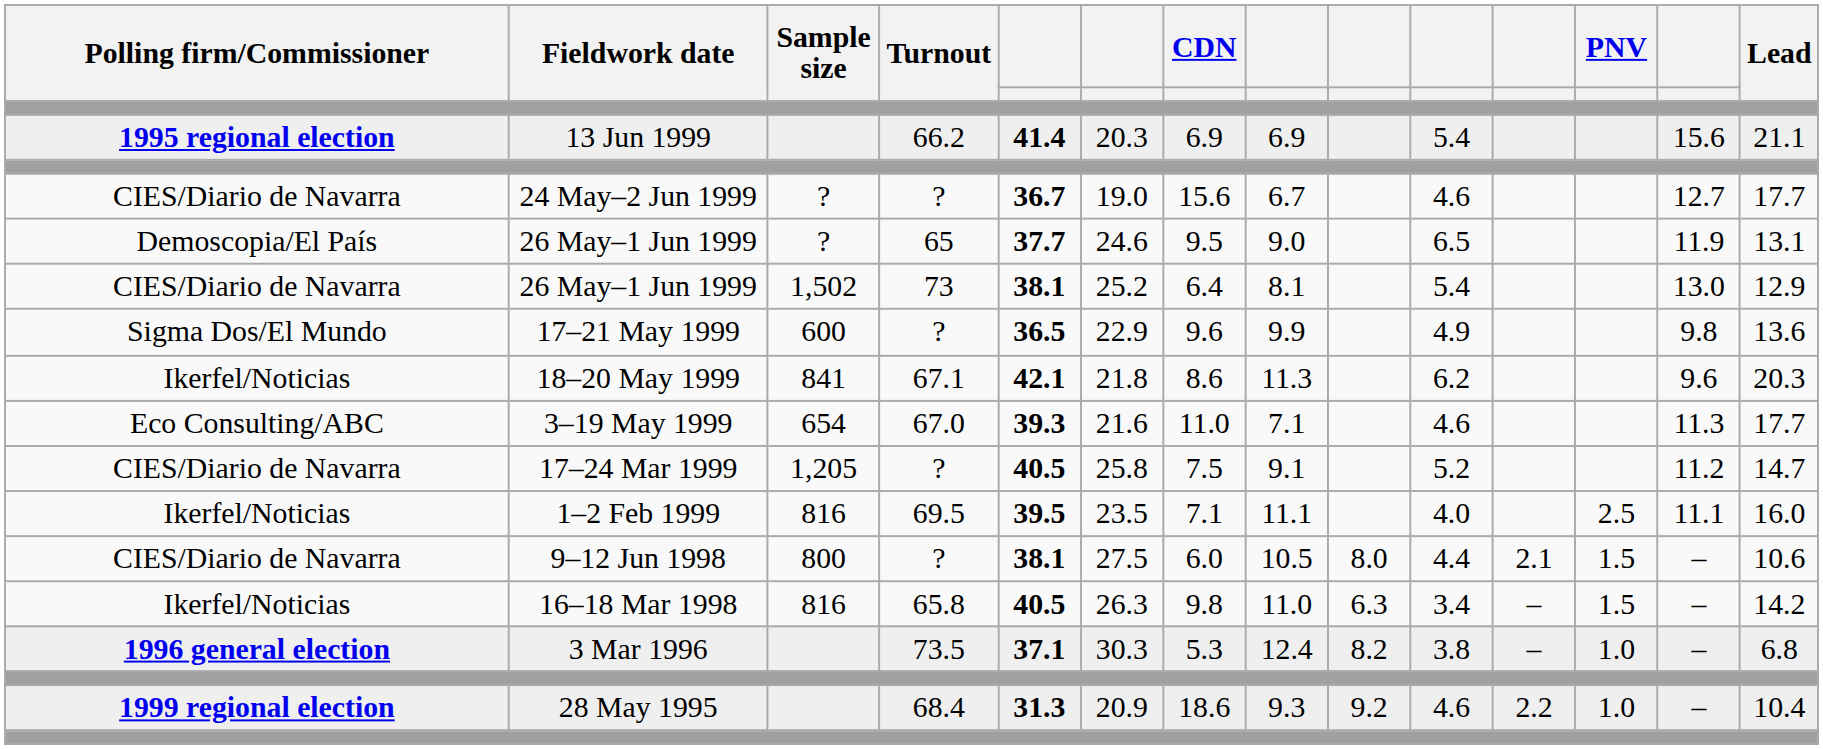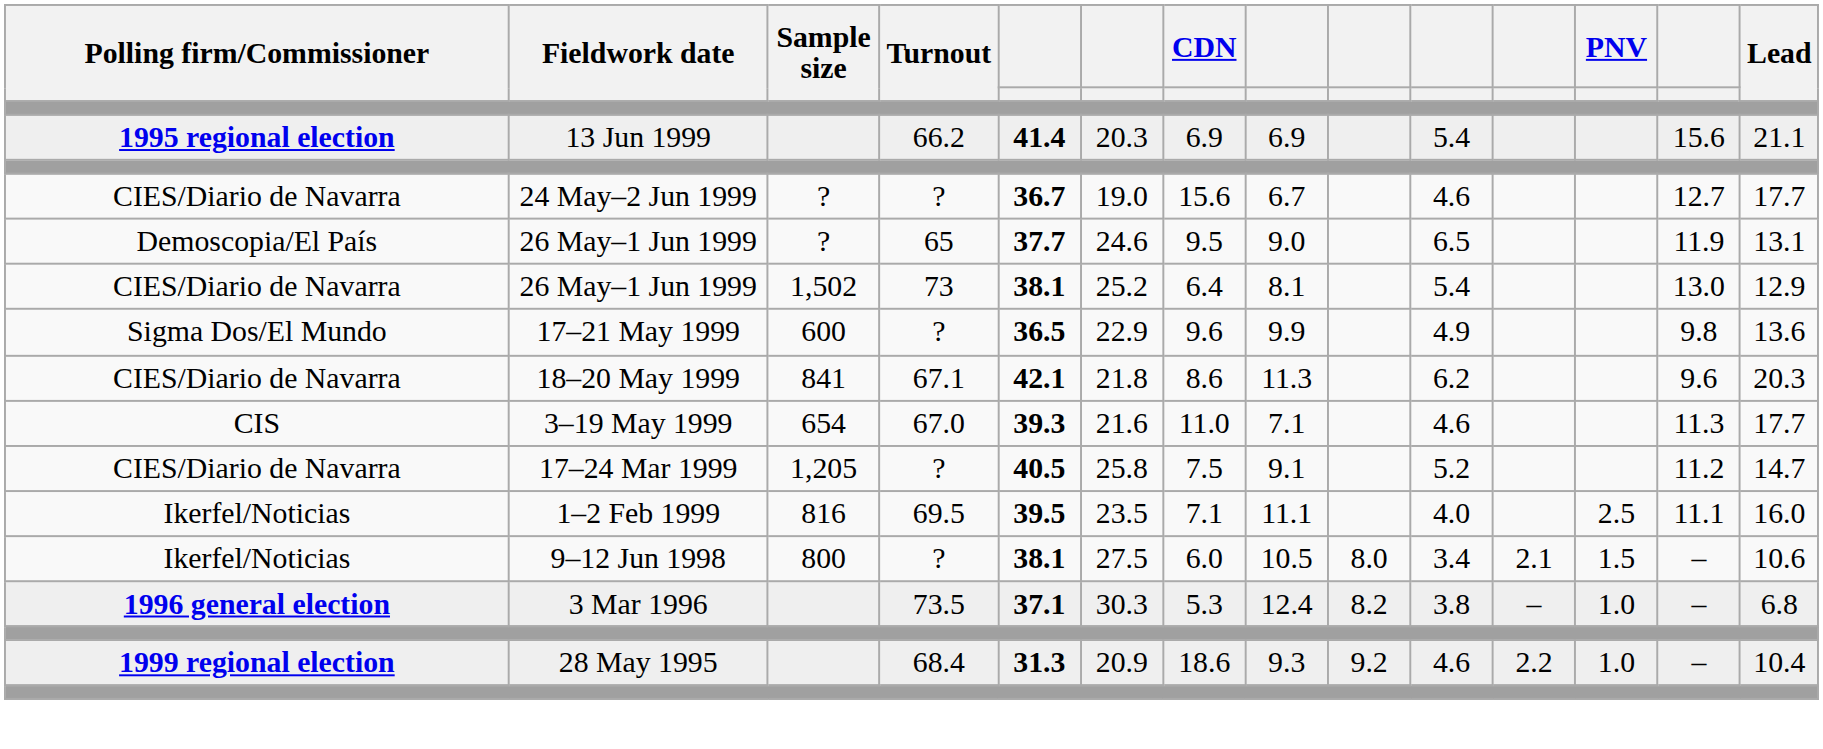 <table class="wikitable collapsible collapsed" style="text-align:center; font-size:95%; line-height:16px;">
 <tr style="height:42px;">
 <th style="width:250px;" rowspan="2">Polling firm/Commissioner</th>
 <th style="width:125px;" rowspan="2">Fieldwork date</th>
 <th style="width:50px;" rowspan="2">Sample size</th>
 <th style="width:45px;" rowspan="2">Turnout</th>
 <th style="width:35px;"></th>
 <th style="width:35px;"></th>
 <th style="width:35px;"><a href='#'>CDN</a></th>
 <th style="width:35px;"></th>
 <th style="width:35px;"></th>
 <th style="width:35px;"></th>
 <th style="width:35px;"></th>
 <th style="width:35px;"><a href='#'>PNV</a></th>
 <th style="width:35px;"></th>
 <th style="width:30px;" rowspan="2">Lead</th>
 </tr>
 <tr>
 <th style="color:inherit;background:"></th>
 <th style="color:inherit;background:"></th>
 <th style="color:inherit;background:"></th>
 <th style="color:inherit;background:"></th>
 <th style="color:inherit;background:"></th>
 <th style="color:inherit;background:"></th>
 <th style="color:inherit;background:"></th>
 <th style="color:inherit;background:"></th>
 <th style="color:inherit;background:"></th>
 </tr>
 <tr>
 <td colspan="14" style="background:#A0A0A0"></td>
 </tr>
 <tr style="background:#EFEFEF;">
 <td><strong><a href='#'>1995 regional election</a></strong></td>
 <td>13 Jun 1999</td>
 <td></td>
 <td>66.2</td>
 <td><strong>41.4</strong><br></td>
 <td>20.3<br></td>
 <td>6.9<br></td>
 <td>6.9<br></td>
 <td></td>
 <td>5.4<br></td>
 <td></td>
 <td></td>
 <td>15.6<br></td>
 <td style="background:">21.1</td>
 </tr>
 <tr>
 <td colspan="14" style="background:#A0A0A0"></td>
 </tr>
 <tr>
 <td>CIES/Diario de Navarra</td>
 <td>24 May–2 Jun 1999</td>
 <td>?</td>
 <td>?</td>
 <td><strong>36.7</strong><br></td>
 <td>19.0<br></td>
 <td>15.6<br></td>
 <td>6.7<br></td>
 <td></td>
 <td>4.6<br></td>
 <td></td>
 <td></td>
 <td>12.7<br></td>
 <td style="background:">17.7</td>
 </tr>
 <tr>
 <td>Demoscopia/El País</td>
 <td>26 May–1 Jun 1999</td>
 <td>?</td>
 <td>65</td>
 <td><strong>37.7</strong><br></td>
 <td>24.6<br></td>
 <td>9.5<br></td>
 <td>9.0<br></td>
 <td></td>
 <td>6.5<br></td>
 <td></td>
 <td></td>
 <td>11.9<br></td>
 <td style="background:">13.1</td>
 </tr>
 <tr>
 <td>CIES/Diario de Navarra</td>
 <td>26 May–1 Jun 1999</td>
 <td>1,502</td>
 <td>73</td>
 <td><strong>38.1</strong><br></td>
 <td>25.2<br></td>
 <td>6.4<br></td>
 <td>8.1<br></td>
 <td></td>
 <td>5.4<br></td>
 <td></td>
 <td></td>
 <td>13.0<br></td>
 <td style="background:">12.9</td>
 </tr>
 <tr>
 <td>Sigma Dos/El Mundo</td>
 <td>17–21 May 1999</td>
 <td>600</td>
 <td>?</td>
 <td><strong>36.5</strong><br></td>
 <td>22.9<br></td>
 <td>9.6<br></td>
 <td>9.9<br></td>
 <td></td>
 <td>4.9<br></td>
 <td></td>
 <td></td>
 <td>9.8<br></td>
 <td style="background:">13.6</td>
 </tr>
 <tr>
-<td>Ikerfel/Noticias</td>
+<td>CIES/Diario de Navarra</td>
 <td>18–20 May 1999</td>
 <td>841</td>
 <td>67.1</td>
 <td><strong>42.1</strong><br></td>
 <td>21.8<br></td>
 <td>8.6<br></td>
 <td>11.3<br></td>
 <td></td>
 <td>6.2<br></td>
 <td></td>
 <td></td>
 <td>9.6<br></td>
 <td style="background:">20.3</td>
 </tr>
 <tr>
-<td>Eco Consulting/ABC</td>
+<td>CIS</td>
 <td>3–19 May 1999</td>
 <td>654</td>
 <td>67.0</td>
 <td><strong>39.3</strong><br></td>
 <td>21.6<br></td>
 <td>11.0<br></td>
 <td>7.1<br></td>
 <td></td>
 <td>4.6<br></td>
 <td></td>
 <td></td>
 <td>11.3<br></td>
 <td style="background:">17.7</td>
 </tr>
 <tr>
 <td>CIES/Diario de Navarra</td>
 <td>17–24 Mar 1999</td>
 <td>1,205</td>
 <td>?</td>
 <td><strong>40.5</strong><br></td>
 <td>25.8<br></td>
 <td>7.5<br></td>
 <td>9.1<br></td>
 <td></td>
 <td>5.2<br></td>
 <td></td>
 <td></td>
 <td>11.2<br></td>
 <td style="background:">14.7</td>
 </tr>
 <tr>
 <td>Ikerfel/Noticias</td>
 <td>1–2 Feb 1999</td>
 <td>816</td>
 <td>69.5</td>
 <td><strong>39.5</strong><br></td>
 <td>23.5<br></td>
 <td>7.1<br></td>
 <td>11.1<br></td>
 <td></td>
 <td>4.0<br></td>
 <td></td>
 <td>2.5<br></td>
 <td>11.1<br></td>
 <td style="background:">16.0</td>
 </tr>
 <tr>
-<td>CIES/Diario de Navarra</td>
+<td>Ikerfel/Noticias</td>
 <td>9–12 Jun 1998</td>
 <td>800</td>
 <td>?</td>
 <td><strong>38.1</strong><br></td>
 <td>27.5<br></td>
 <td>6.0<br></td>
 <td>10.5<br></td>
 <td>8.0<br></td>
-<td>4.4<br></td>
+<td>3.4<br></td>
 <td>2.1<br></td>
 <td>1.5<br></td>
 <td>–</td>
 <td style="background:">10.6</td>
-</tr>
-<tr>
-<td>Ikerfel/Noticias</td>
-<td>16–18 Mar 1998</td>
-<td>816</td>
-<td>65.8</td>
-<td><strong>40.5</strong><br></td>
-<td>26.3<br></td>
-<td>9.8<br></td>
-<td>11.0<br></td>
-<td>6.3<br></td>
-<td>3.4<br></td>
-<td>–</td>
-<td>1.5<br></td>
-<td>–</td>
-<td style="background:">14.2</td>
 </tr>
 <tr style="background:#EFEFEF;">
 <td><strong><a href='#'>1996 general election</a></strong></td>
 <td>3 Mar 1996</td>
 <td></td>
 <td>73.5</td>
 <td><strong>37.1</strong><br></td>
 <td>30.3<br></td>
 <td>5.3<br></td>
 <td>12.4<br></td>
 <td>8.2<br></td>
 <td>3.8<br></td>
 <td>–</td>
 <td>1.0<br></td>
 <td>–</td>
 <td style="background:">6.8</td>
 </tr>
 <tr>
 <td colspan="14" style="background:#A0A0A0"></td>
 </tr>
 <tr style="background:#EFEFEF;">
 <td><strong><a href='#'>1999 regional election</a></strong></td>
 <td>28 May 1995</td>
 <td></td>
 <td>68.4</td>
 <td><strong>31.3</strong><br></td>
 <td>20.9<br></td>
 <td>18.6<br></td>
 <td>9.3<br></td>
 <td>9.2<br></td>
 <td>4.6<br></td>
 <td>2.2<br></td>
 <td>1.0<br></td>
 <td>–</td>
 <td style="background:">10.4</td>
 </tr>
 <tr>
 <td colspan="14" style="background:#A0A0A0"></td>
 </tr>
 </table>
